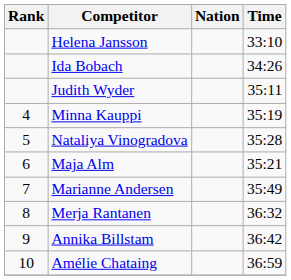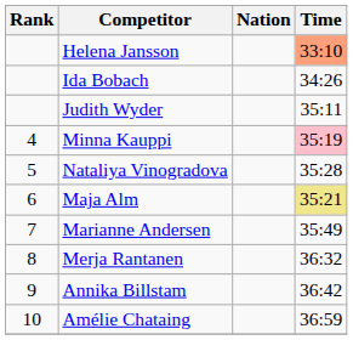 <table class="wikitable sortable" style="text-align:left">
 <tr>
 <th data-sort-type="number">Rank</th>
 <th class="unsortable">Competitor</th>
 <th>Nation</th>
 <th>Time</th>
 </tr>
 <tr>
 <td style="text-align:center"></td>
 <td><a href='#'>Helena Jansson</a></td>
 <td></td>
-<td style="text-align:right">33:10</td>
+<td style="background: lightsalmon; text-align:right">33:10</td>
 </tr>
 <tr>
 <td style="text-align:center"></td>
 <td><a href='#'>Ida Bobach </a></td>
 <td></td>
 <td style="text-align:right">34:26</td>
 </tr>
 <tr>
 <td style="text-align:center"></td>
 <td><a href='#'>Judith Wyder</a></td>
 <td></td>
 <td style="text-align:right">35:11</td>
 </tr>
 <tr>
 <td style="text-align:center">4</td>
 <td><a href='#'>Minna Kauppi</a></td>
 <td></td>
-<td style="text-align:right">35:19</td>
+<td style="background: pink; text-align:right">35:19</td>
 </tr>
 <tr>
 <td style="text-align:center">5</td>
 <td><a href='#'>Nataliya Vinogradova</a></td>
 <td></td>
 <td style="text-align:right">35:28</td>
 </tr>
 <tr>
 <td style="text-align:center">6</td>
 <td><a href='#'>Maja Alm </a></td>
 <td></td>
-<td style="text-align:right">35:21</td>
+<td style="background: khaki; text-align:right">35:21</td>
 </tr>
 <tr>
 <td style="text-align:center">7</td>
 <td><a href='#'>Marianne Andersen</a></td>
 <td></td>
 <td style="text-align:right">35:49</td>
 </tr>
 <tr>
 <td style="text-align:center">8</td>
 <td><a href='#'>Merja Rantanen</a></td>
 <td></td>
 <td style="text-align:right">36:32</td>
 </tr>
 <tr>
 <td style="text-align:center">9</td>
 <td><a href='#'>Annika Billstam</a></td>
 <td></td>
 <td style="text-align:right">36:42</td>
 </tr>
 <tr>
 <td style="text-align:center">10</td>
 <td><a href='#'>Amélie Chataing</a></td>
 <td></td>
 <td style="text-align:right">36:59</td>
 </tr>
 <tr>
 </tr>
 </table>
